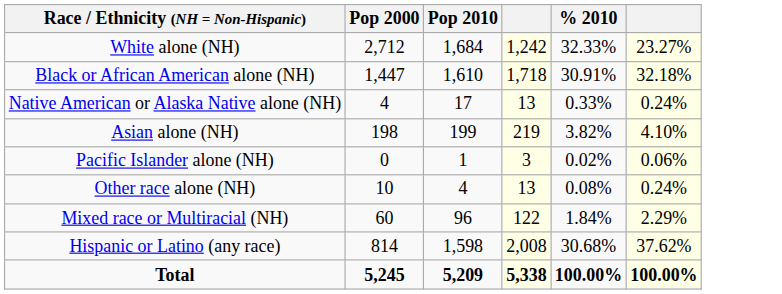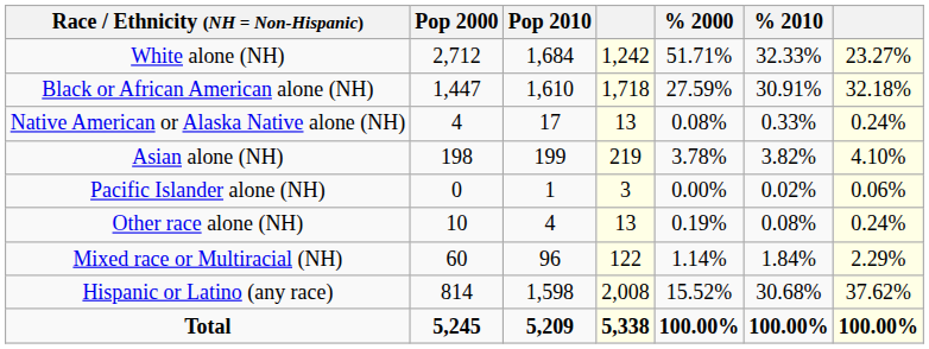 <table class="wikitable" style="text-align:center;">
 <tr>
 <th>Race / Ethnicity <small>(<em>NH = Non-Hispanic</em>)</small></th>
 <th>Pop 2000</th>
 <th>Pop 2010</th>
 <th></th>
+<th>% 2000</th>
 <th>% 2010</th>
 <th></th>
 </tr>
 <tr>
 <td><a href='#'>White</a> alone (NH)</td>
 <td>2,712</td>
 <td>1,684</td>
 <td style='background: #ffffe6;'>1,242</td>
+<td>51.71%</td>
 <td>32.33%</td>
 <td style='background: #ffffe6;'>23.27%</td>
 </tr>
 <tr>
 <td><a href='#'>Black or African American</a> alone (NH)</td>
 <td>1,447</td>
 <td>1,610</td>
 <td style='background: #ffffe6;'>1,718</td>
+<td>27.59%</td>
 <td>30.91%</td>
 <td style='background: #ffffe6;'>32.18%</td>
 </tr>
 <tr>
 <td><a href='#'>Native American</a> or <a href='#'>Alaska Native</a> alone (NH)</td>
 <td>4</td>
 <td>17</td>
 <td style='background: #ffffe6;'>13</td>
+<td>0.08%</td>
 <td>0.33%</td>
 <td style='background: #ffffe6;'>0.24%</td>
 </tr>
 <tr>
 <td><a href='#'>Asian</a> alone (NH)</td>
 <td>198</td>
 <td>199</td>
 <td style='background: #ffffe6;'>219</td>
+<td>3.78%</td>
 <td>3.82%</td>
 <td style='background: #ffffe6;'>4.10%</td>
 </tr>
 <tr>
 <td><a href='#'>Pacific Islander</a> alone (NH)</td>
 <td>0</td>
 <td>1</td>
 <td style='background: #ffffe6;'>3</td>
+<td>0.00%</td>
 <td>0.02%</td>
 <td style='background: #ffffe6;'>0.06%</td>
 </tr>
 <tr>
 <td><a href='#'>Other race</a> alone (NH)</td>
 <td>10</td>
 <td>4</td>
 <td style='background: #ffffe6;'>13</td>
+<td>0.19%</td>
 <td>0.08%</td>
 <td style='background: #ffffe6;'>0.24%</td>
 </tr>
 <tr>
 <td><a href='#'>Mixed race or Multiracial</a> (NH)</td>
 <td>60</td>
 <td>96</td>
 <td style='background: #ffffe6;'>122</td>
+<td>1.14%</td>
 <td>1.84%</td>
 <td style='background: #ffffe6;'>2.29%</td>
 </tr>
 <tr>
 <td><a href='#'>Hispanic or Latino</a> (any race)</td>
 <td>814</td>
 <td>1,598</td>
 <td style='background: #ffffe6;'>2,008</td>
+<td>15.52%</td>
 <td>30.68%</td>
 <td style='background: #ffffe6;'>37.62%</td>
 </tr>
 <tr>
 <td><strong>Total</strong></td>
 <td><strong>5,245</strong></td>
 <td><strong>5,209</strong></td>
 <td style='background: #ffffe6;'><strong>5,338</strong></td>
 <td><strong>100.00%</strong></td>
+<td><strong>100.00%</strong></td>
 <td style='background: #ffffe6;'><strong>100.00%</strong></td>
 </tr>
 </table>
